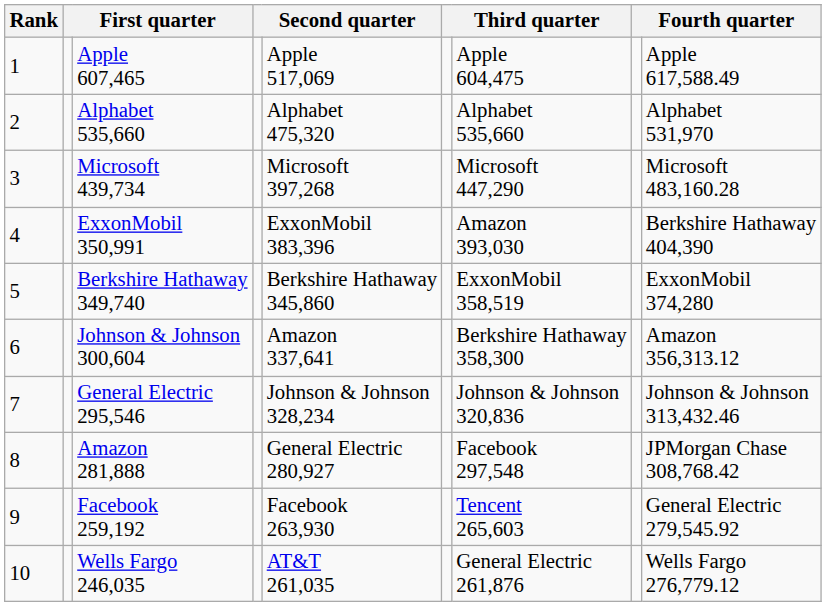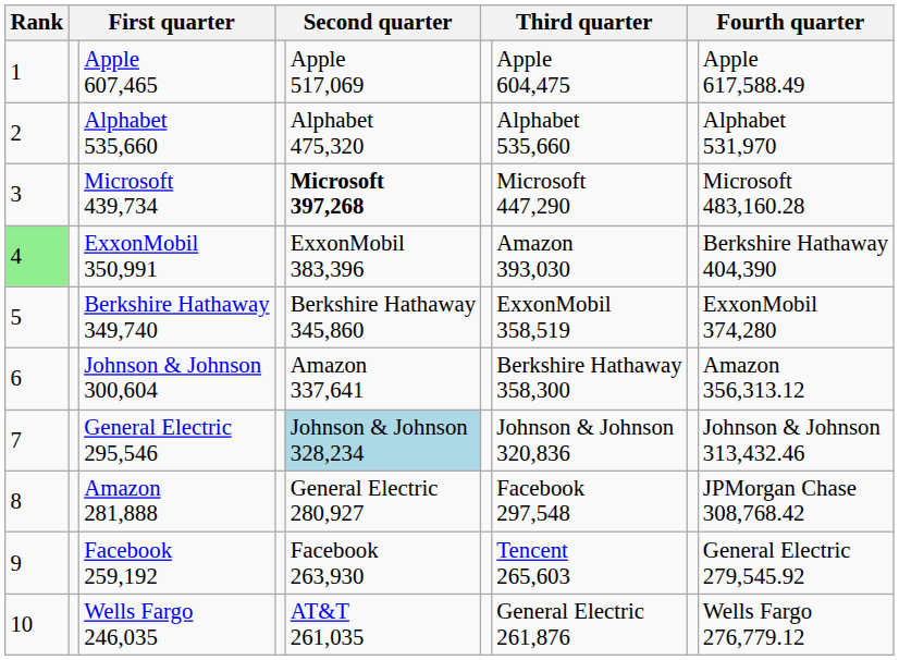 <table class="wikitable" >
 <tr>
 <th>Rank</th>
 <th colspan=2>First quarter</th>
 <th colspan=2>Second quarter</th>
 <th colspan=2>Third quarter</th>
 <th colspan=2>Fourth quarter</th>
 </tr>
 <tr>
 <td>1</td>
 <td></td>
 <td><a href='#'>Apple</a> <br> 607,465</td>
 <td></td>
 <td>Apple <br> 517,069</td>
 <td></td>
 <td>Apple <br> 604,475</td>
 <td></td>
 <td>Apple <br> 617,588.49</td>
 </tr>
 <tr>
 <td>2</td>
 <td></td>
 <td><a href='#'>Alphabet</a> <br> 535,660</td>
 <td></td>
 <td>Alphabet<br> 475,320</td>
 <td></td>
 <td>Alphabet<br> 535,660</td>
 <td></td>
 <td>Alphabet<br> 531,970</td>
 </tr>
 <tr>
 <td>3</td>
 <td></td>
 <td><a href='#'>Microsoft</a> <br> 439,734</td>
 <td></td>
-<td>Microsoft <br> 397,268</td>
+<td><strong>Microsoft <br> 397,268</strong></td>
 <td></td>
 <td>Microsoft <br> 447,290</td>
 <td></td>
 <td>Microsoft <br> 483,160.28</td>
 </tr>
 <tr>
-<td>4</td>
+<td style="background: lightgreen;">4</td>
 <td></td>
 <td><a href='#'>ExxonMobil</a><br> 350,991</td>
 <td></td>
 <td>ExxonMobil<br> 383,396</td>
 <td></td>
 <td>Amazon <br> 393,030</td>
 <td></td>
 <td>Berkshire Hathaway <br> 404,390</td>
 </tr>
 <tr>
 <td>5</td>
 <td></td>
 <td><a href='#'>Berkshire Hathaway</a> <br> 349,740</td>
 <td></td>
 <td>Berkshire Hathaway <br> 345,860</td>
 <td></td>
 <td>ExxonMobil<br> 358,519</td>
 <td></td>
 <td>ExxonMobil <br> 374,280</td>
 </tr>
 <tr>
 <td>6</td>
 <td></td>
 <td><a href='#'>Johnson & Johnson</a> <br> 300,604</td>
 <td></td>
 <td>Amazon <br> 337,641</td>
 <td></td>
 <td>Berkshire Hathaway <br> 358,300</td>
 <td></td>
 <td>Amazon <br> 356,313.12</td>
 </tr>
 <tr>
 <td>7</td>
 <td></td>
 <td><a href='#'>General Electric</a><br> 295,546</td>
 <td></td>
-<td>Johnson & Johnson <br> 328,234</td>
+<td style="background: lightblue;">Johnson & Johnson <br> 328,234</td>
 <td></td>
 <td>Johnson & Johnson <br> 320,836</td>
 <td></td>
 <td>Johnson & Johnson <br> 313,432.46</td>
 </tr>
 <tr>
 <td>8</td>
 <td></td>
 <td><a href='#'>Amazon</a> <br> 281,888</td>
 <td></td>
 <td>General Electric<br> 280,927</td>
 <td></td>
 <td>Facebook <br> 297,548</td>
 <td></td>
 <td>JPMorgan Chase <br> 308,768.42</td>
 </tr>
 <tr>
 <td>9</td>
 <td></td>
 <td><a href='#'>Facebook</a> <br> 259,192</td>
 <td></td>
 <td>Facebook<br> 263,930</td>
 <td></td>
 <td><a href='#'>Tencent</a><br> 265,603</td>
 <td></td>
 <td>General Electric <br> 279,545.92</td>
 </tr>
 <tr>
 <td>10</td>
 <td></td>
 <td><a href='#'>Wells Fargo</a><br> 246,035</td>
 <td></td>
 <td><a href='#'>AT&T</a><br> 261,035</td>
 <td></td>
 <td>General Electric<br> 261,876</td>
 <td></td>
 <td>Wells Fargo <br> 276,779.12</td>
 </tr>
 </table>
